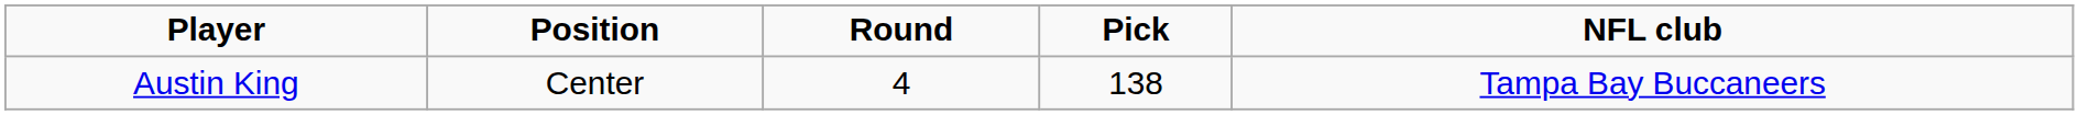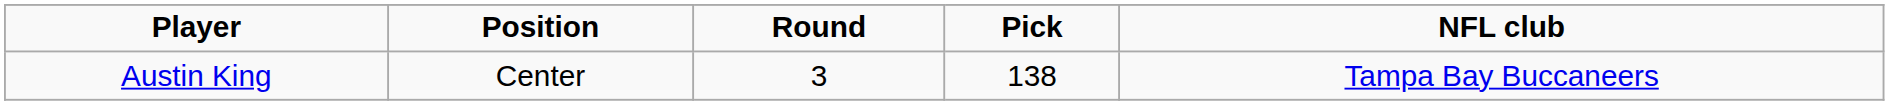 <table class="wikitable" width="80%">
 <tr align="center">
 <td><strong>Player</strong></td>
 <td><strong>Position</strong></td>
 <td><strong>Round</strong></td>
 <td><strong>Pick</strong></td>
 <td><strong>NFL club</strong></td>
 </tr>
 <tr align="center" bgcolor="">
 <td><a href='#'>Austin King</a></td>
 <td>Center</td>
-<td>4</td>
+<td>3</td>
 <td>138</td>
 <td><a href='#'>Tampa Bay Buccaneers</a></td>
 </tr>
 </table>
